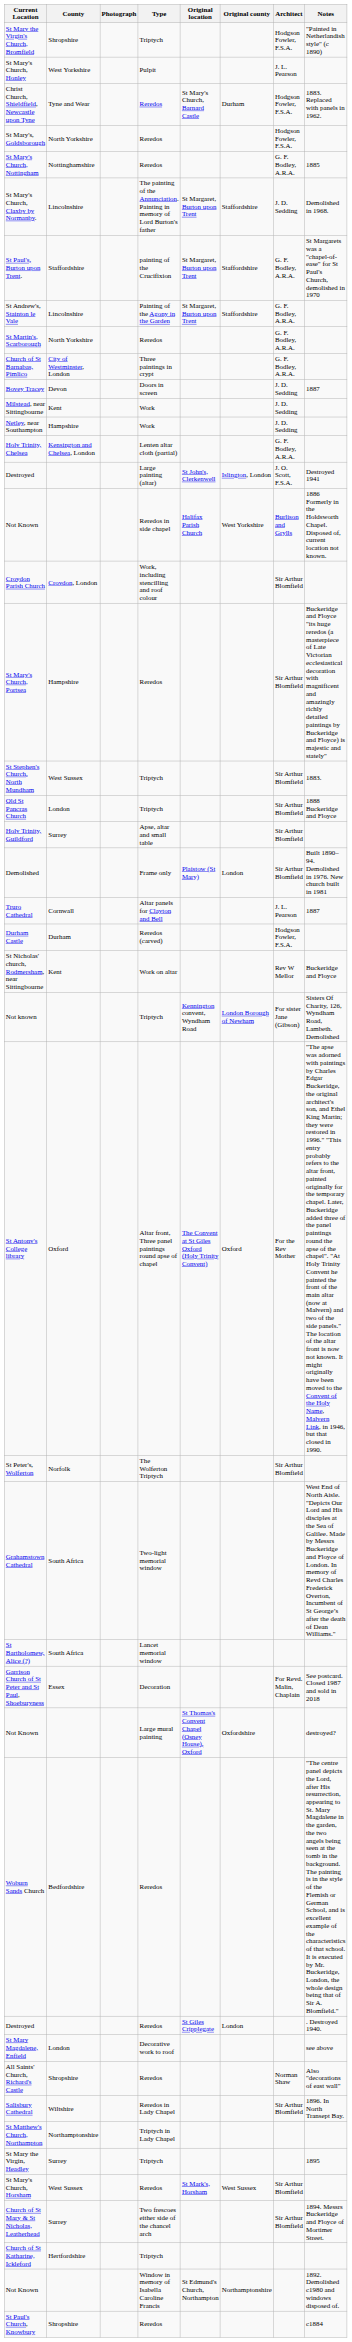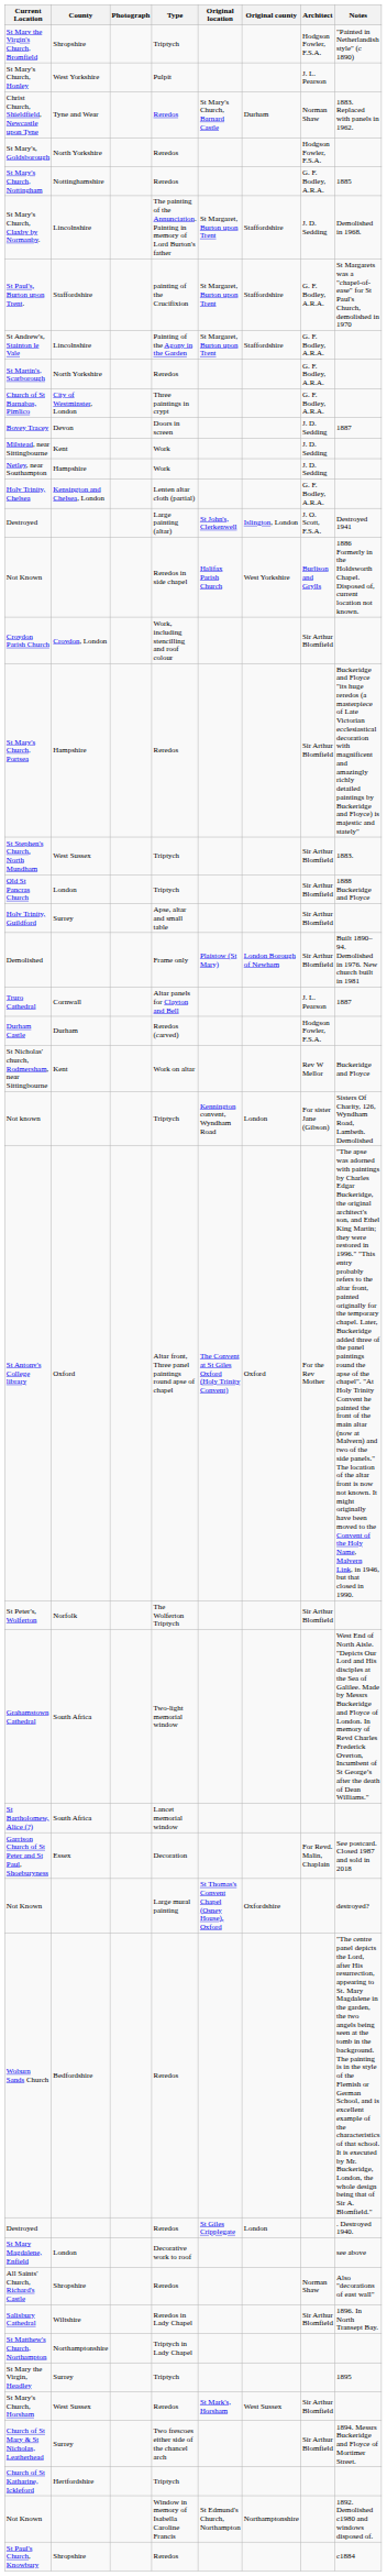 <table class="wikitable sortable">
 <tr>
 <th>Current Location</th>
 <th>County</th>
 <th>Photograph</th>
 <th>Type</th>
 <th>Original location</th>
 <th>Original county</th>
 <th>Architect</th>
 <th>Notes</th>
 </tr>
 <tr>
 <td><a href='#'>St Mary the Virgin's Church, Bromfield</a></td>
 <td>Shropshire</td>
 <td></td>
 <td>Triptych</td>
 <td></td>
 <td></td>
 <td>Hodgson Fowler, F.S.A.</td>
 <td>"Painted in Netherlandish style" (c 1890)</td>
 </tr>
 <tr>
 <td>St Mary's Church, <a href='#'>Honley</a></td>
 <td>West Yorkshire</td>
 <td></td>
 <td>Pulpit</td>
 <td></td>
 <td></td>
 <td>J. L. Pearson</td>
 <td></td>
 </tr>
 <tr>
 <td>Christ Church, <a href='#'>Shieldfield</a>, <a href='#'>Newcastle upon Tyne</a></td>
 <td>Tyne and Wear</td>
 <td></td>
 <td><a href='#'>Reredos</a></td>
 <td>St Mary's Church, <a href='#'>Barnard Castle</a></td>
 <td>Durham</td>
-<td>Hodgson Fowler, F.S.A.</td>
+<td>Norman Shaw</td>
 <td>1883. Replaced with panels in 1962.</td>
 </tr>
 <tr>
 <td>St Mary's, <a href='#'>Goldsborough</a></td>
 <td>North Yorkshire</td>
 <td></td>
 <td>Reredos</td>
 <td></td>
 <td></td>
 <td>Hodgson Fowler, F.S.A.</td>
 <td></td>
 </tr>
 <tr>
 <td><a href='#'>St Mary's Church, Nottingham</a></td>
 <td>Nottinghamshire</td>
 <td></td>
 <td>Reredos</td>
 <td></td>
 <td></td>
 <td>G. F. Bodley, A.R.A.</td>
 <td>1885</td>
 </tr>
 <tr>
 <td>St Mary's Church, <a href='#'>Claxby by Normanby</a>.</td>
 <td>Lincolnshire</td>
 <td></td>
 <td>The painting of the <a href='#'>Annunciation</a>. Painting in memory of Lord Burton's father</td>
 <td>St Margaret, <a href='#'>Burton upon Trent</a></td>
 <td>Staffordshire</td>
 <td>J. D. Sedding</td>
 <td> Demolished in 1968.</td>
 </tr>
 <tr>
 <td><a href='#'>St Paul's, Burton upon Trent</a>.</td>
 <td>Staffordshire</td>
 <td></td>
 <td>painting of the Crucifixion</td>
 <td>St Margaret, <a href='#'>Burton upon Trent</a></td>
 <td>Staffordshire</td>
 <td>G. F. Bodley, A.R.A.</td>
 <td>St Margarets was a "chapel-of-ease" for St Paul's Church, demolished in 1970</td>
 </tr>
 <tr>
 <td>St Andrew's, <a href='#'>Stainton le Vale</a></td>
 <td>Lincolnshire</td>
 <td></td>
 <td>Painting of the <a href='#'>Agony in the Garden</a></td>
 <td>St Margaret, <a href='#'>Burton upon Trent</a></td>
 <td>Staffordshire</td>
 <td>G. F. Bodley, A.R.A.</td>
 <td></td>
 </tr>
 <tr>
 <td><a href='#'>St Martin's, Scarborough</a></td>
 <td>North Yorkshire</td>
 <td> </td>
 <td>Reredos</td>
 <td></td>
 <td></td>
 <td>G. F. Bodley, A.R.A.</td>
 <td></td>
 </tr>
 <tr>
 <td><a href='#'>Church of St Barnabas, Pimlico</a></td>
 <td><a href='#'>City of Westminster</a>, London</td>
 <td></td>
 <td>Three paintings in crypt</td>
 <td></td>
 <td></td>
 <td>G. F. Bodley, A.R.A.</td>
 <td></td>
 </tr>
 <tr>
 <td><a href='#'>Bovey Tracey</a></td>
 <td>Devon</td>
 <td></td>
 <td>Doors in screen</td>
 <td></td>
 <td></td>
 <td>J. D. Sedding</td>
 <td>1887</td>
 </tr>
 <tr>
 <td><a href='#'>Milstead</a>, near Sittingbourne</td>
 <td>Kent</td>
 <td></td>
 <td>Work</td>
 <td></td>
 <td></td>
 <td>J. D. Sedding</td>
 <td></td>
 </tr>
 <tr>
 <td><a href='#'>Netley</a>, near Southampton</td>
 <td>Hampshire</td>
 <td></td>
 <td>Work</td>
 <td></td>
 <td></td>
 <td>J. D. Sedding</td>
 <td></td>
 </tr>
 <tr>
 <td><a href='#'>Holy Trinity, Chelsea</a></td>
 <td><a href='#'>Kensington and Chelsea</a>, London</td>
 <td></td>
 <td>Lenten altar cloth (partial)</td>
 <td></td>
 <td></td>
 <td>G. F. Bodley, A.R.A.</td>
 <td></td>
 </tr>
 <tr>
 <td>Destroyed</td>
 <td></td>
 <td></td>
 <td>Large painting (altar)</td>
 <td><a href='#'>St John's, Clerkenwell</a></td>
 <td><a href='#'>Islington</a>, London</td>
 <td>J. O. Scott, F.S.A.</td>
 <td>Destroyed 1941</td>
 </tr>
 <tr>
 <td>Not Known</td>
 <td></td>
 <td></td>
 <td>Reredos in side chapel</td>
 <td><a href='#'>Halifax Parish Church</a></td>
 <td>West Yorkshire</td>
 <td><a href='#'>Burlison and Grylls</a></td>
 <td>1886 Formerly in the Holdsworth Chapel. Disposed of, current location not known.</td>
 </tr>
 <tr>
 <td><a href='#'>Croydon Parish Church</a></td>
 <td><a href='#'>Croydon</a>, London</td>
 <td></td>
 <td>Work, including stencilling and roof colour</td>
 <td></td>
 <td></td>
 <td>Sir Arthur Blomfield</td>
 <td></td>
 </tr>
 <tr>
 <td><a href='#'>St Mary's Church, Portsea</a></td>
 <td>Hampshire</td>
 <td></td>
 <td>Reredos</td>
 <td></td>
 <td></td>
 <td>Sir Arthur Blomfield</td>
 <td>Buckeridge and Floyce "its huge reredos (a masterpiece of Late Victorian ecclesiastical decoration with magnificent and amazingly richly detailed paintings by Buckeridge and Floyce) is majestic and stately"</td>
 </tr>
 <tr>
 <td><a href='#'>St Stephen's Church, North Mundham</a></td>
 <td>West Sussex</td>
 <td></td>
 <td>Triptych</td>
 <td></td>
 <td></td>
 <td>Sir Arthur Blomfield</td>
 <td>1883.</td>
 </tr>
 <tr>
 <td><a href='#'>Old St Pancras Church</a></td>
 <td>London</td>
 <td></td>
 <td>Triptych</td>
 <td></td>
 <td></td>
 <td>Sir Arthur Blomfield</td>
 <td>1888 Buckeridge and Floyce</td>
 </tr>
 <tr>
 <td><a href='#'>Holy Trinity, Guildford</a></td>
 <td>Surrey</td>
 <td></td>
 <td>Apse, altar and small table</td>
 <td></td>
 <td></td>
 <td>Sir Arthur Blomfield</td>
 <td></td>
 </tr>
 <tr>
 <td>Demolished</td>
 <td></td>
 <td></td>
 <td>Frame only</td>
 <td><a href='#'>Plaistow (St Mary)</a></td>
-<td>London</td>
+<td><a href='#'>London Borough of Newham</a></td>
 <td>Sir Arthur Blomfield</td>
 <td>Built 1890–94. Demolished in 1976. New church built in 1981</td>
 </tr>
 <tr>
 <td><a href='#'>Truro Cathedral</a></td>
 <td>Cornwall</td>
 <td></td>
 <td>Altar panels for <a href='#'>Clayton and Bell</a></td>
 <td></td>
 <td></td>
 <td>J. L. Pearson</td>
 <td>1887</td>
 </tr>
 <tr>
 <td><a href='#'>Durham Castle</a></td>
 <td>Durham</td>
 <td></td>
 <td>Reredos (carved)</td>
 <td></td>
 <td></td>
 <td>Hodgson Fowler, F.S.A.</td>
 <td></td>
 </tr>
 <tr>
 <td>St Nicholas' church, <a href='#'>Rodmersham</a>, near Sittingbourne</td>
 <td>Kent</td>
 <td></td>
 <td>Work on altar</td>
 <td></td>
 <td></td>
 <td>Rev W Mellor</td>
 <td>Buckeridge and Floyce</td>
 </tr>
 <tr>
 <td>Not known</td>
 <td></td>
 <td></td>
 <td>Triptych</td>
 <td><a href='#'>Kennington</a> convent, Wyndham Road</td>
-<td><a href='#'>London Borough of Newham</a></td>
+<td>London</td>
 <td>For sister Jane (Gibson)</td>
 <td>Sisters Of Charity, 126, Wyndham Road, Lambeth. Demolished</td>
 </tr>
 <tr>
 <td><a href='#'>St Antony's College library</a></td>
 <td>Oxford</td>
 <td></td>
 <td>Altar front, Three panel paintings round apse of chapel</td>
 <td><a href='#'>The Convent at St Giles Oxford (Holy Trinity Convent)</a></td>
 <td>Oxford</td>
 <td>For the Rev Mother</td>
 <td>"The apse was adorned with paintings by Charles Edgar Buckeridge, the original architect's son, and Ethel King Martin; they were restored in 1996." "This entry probably refers to the altar front, painted originally for the temporary chapel. Later, Buckeridge added three of the panel paintings round the apse of the chapel".  "At Holy Trinity Convent he painted the front of the main altar (now at Malvern) and two of the side panels." The location of the altar front is now not known. It might originally have been moved to the <a href='#'>Convent of the Holy Name</a>, <a href='#'>Malvern Link</a>, in 1946, but that closed in 1990.</td>
 </tr>
 <tr>
 <td>St Peter's, <a href='#'>Wolferton</a></td>
 <td>Norfolk</td>
 <td></td>
 <td>The Wolferton Triptych</td>
 <td></td>
 <td></td>
 <td>Sir Arthur Blomfield</td>
 <td></td>
 </tr>
 <tr>
 <td><a href='#'>Grahamstown Cathedral</a></td>
 <td>South Africa</td>
 <td></td>
 <td>Two-light memorial window</td>
 <td></td>
 <td></td>
 <td></td>
 <td>West End of North Aisle. "Depicts Our Lord and His disciples at the Sea of Galilee. Made by Messrs Buckeridge and Floyce of London. In memory of Revd Charles Frederick Overton, Incumbent of St George’s after the death of Dean Williams."</td>
 </tr>
 <tr>
 <td><a href='#'>St Bartholomew, Alice (?)</a></td>
 <td>South Africa</td>
 <td></td>
 <td>Lancet memorial window</td>
 <td></td>
 <td></td>
 <td></td>
 <td></td>
 </tr>
 <tr>
 <td><a href='#'>Garrison Church of St Peter and St Paul</a>, <a href='#'>Shoeburyness</a></td>
 <td>Essex</td>
 <td></td>
 <td>Decoration</td>
 <td></td>
 <td></td>
 <td>For Revd. Malin, Chaplain</td>
 <td>See postcard. Closed 1987 and sold in 2018</td>
 </tr>
 <tr>
 <td>Not Known</td>
 <td></td>
 <td></td>
 <td>Large mural painting</td>
 <td><a href='#'>St Thomas's Convent Chapel (Osney House), Oxford</a></td>
 <td>Oxfordshire</td>
 <td></td>
 <td>destroyed?</td>
 </tr>
 <tr>
 <td><a href='#'>Woburn Sands</a> Church</td>
 <td>Bedfordshire</td>
 <td></td>
 <td>Reredos</td>
 <td></td>
 <td></td>
 <td></td>
 <td> "The centre panel depicts the Lord, after His resurrection, appearing to St. Mary Magdalene in the garden, the two angels being seen at the tomb in the background. The painting is in the style of the Flemish or German School, and is excellent example of the characteristics of that school. It is executed by Mr. Buckeridge, London, the whole design being that of Sir A. Blomfield."</td>
 </tr>
 <tr>
 <td>Destroyed</td>
 <td></td>
 <td></td>
 <td>Reredos</td>
 <td><a href='#'>St Giles Cripplegate</a></td>
 <td>London</td>
 <td></td>
 <td>. Destroyed 1940.</td>
 </tr>
 <tr>
 <td><a href='#'>St Mary Magdalene, Enfield</a></td>
 <td>London</td>
 <td> <br> </td>
 <td>Decorative work to roof</td>
 <td></td>
 <td></td>
 <td></td>
 <td> see above</td>
 </tr>
 <tr>
 <td>All Saints' Church, <a href='#'>Richard's Castle</a></td>
 <td>Shropshire</td>
 <td></td>
 <td>Reredos</td>
 <td></td>
 <td></td>
 <td>Norman Shaw</td>
 <td>Also "decorations of east wall"</td>
 </tr>
 <tr>
 <td><a href='#'>Salisbury Cathedral</a></td>
 <td>Wiltshire</td>
 <td></td>
 <td>Reredos in Lady Chapel</td>
 <td></td>
 <td></td>
 <td>Sir Arthur Blomfield</td>
 <td> 1896. In North Transept Bay.</td>
 </tr>
 <tr>
 <td><a href='#'>St Matthew's Church, Northampton</a></td>
 <td>Northamptonshire</td>
 <td></td>
 <td>Triptych in Lady Chapel</td>
 <td></td>
 <td></td>
 <td></td>
 <td></td>
 </tr>
 <tr>
 <td>St Mary the Virgin, <a href='#'>Headley</a></td>
 <td>Surrey</td>
 <td></td>
 <td>Triptych</td>
 <td></td>
 <td></td>
 <td></td>
 <td>1895</td>
 </tr>
 <tr>
 <td>St Mary's Church, <a href='#'>Horsham</a></td>
 <td>West Sussex</td>
 <td></td>
 <td>Reredos</td>
 <td><a href='#'>St Mark's, Horsham</a></td>
 <td>West Sussex</td>
 <td>Sir Arthur Blomfield</td>
 <td></td>
 </tr>
 <tr>
 <td><a href='#'>Church of St Mary & St Nicholas, Leatherhead</a></td>
 <td>Surrey</td>
 <td></td>
 <td>Two frescoes either side of the chancel arch</td>
 <td></td>
 <td></td>
 <td>Sir Arthur Blomfield</td>
 <td>1894. Messrs Buckeridge and Floyce of  Mortimer Street.</td>
 </tr>
 <tr>
 <td><a href='#'>Church of St Katharine, Ickleford</a></td>
 <td>Hertfordshire</td>
 <td></td>
 <td>Triptych</td>
 <td></td>
 <td></td>
 <td></td>
 <td></td>
 </tr>
 <tr>
 <td>Not Known</td>
 <td></td>
 <td></td>
 <td>Window in memory of Isabella Caroline Francis</td>
 <td>St Edmund's Church, Northampton</td>
 <td>Northamptonshire</td>
 <td></td>
 <td>1892. Demolished c1980 and windows disposed of.</td>
 </tr>
 <tr>
 <td><a href='#'>St Paul's Church</a>, <a href='#'>Knowbury</a></td>
 <td>Shropshire</td>
 <td></td>
 <td>Reredos</td>
 <td></td>
 <td></td>
 <td></td>
 <td>c1884</td>
 </tr>
 </table>
